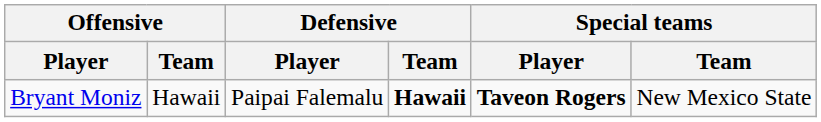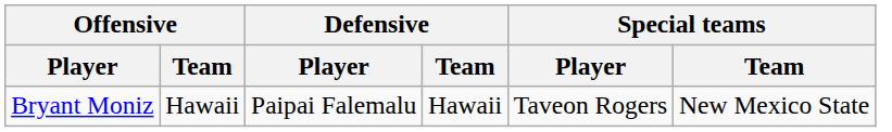 <table class="wikitable">
 <tr>
 <th colspan="2">Offensive</th>
 <th colspan="2">Defensive</th>
 <th colspan="2">Special teams</th>
 </tr>
 <tr>
 <th>Player</th>
 <th>Team</th>
 <th>Player</th>
 <th>Team</th>
 <th>Player</th>
 <th>Team</th>
 </tr>
 <tr>
 <td><a href='#'>Bryant Moniz</a></td>
 <td>Hawaii</td>
 <td>Paipai Falemalu</td>
-<td><strong>Hawaii</strong></td>
-<td><strong>Taveon Rogers</strong></td>
+<td>Hawaii</td>
+<td>Taveon Rogers</td>
 <td>New Mexico State</td>
 </tr>
 </table>
